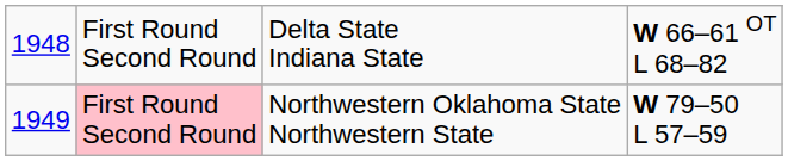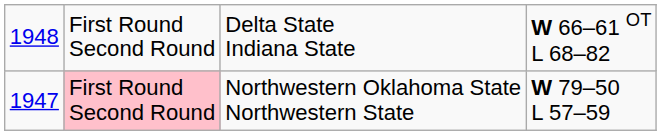 <table class="wikitable">
 <tr>
 <td><a href='#'>1948</a></td>
 <td>First Round<br>Second Round</td>
 <td>Delta State<br>Indiana State</td>
 <td><strong>W</strong> 66–61 <sup>OT</sup><br>L 68–82</td>
 </tr>
 <tr>
-<td><a href='#'>1949</a></td>
+<td><a href='#'>1947</a></td>
 <td style="background: pink;">First Round<br>Second Round</td>
 <td>Northwestern Oklahoma State<br>Northwestern State</td>
 <td><strong>W</strong> 79–50<br>L 57–59</td>
 </tr>
 </table>
